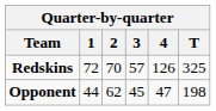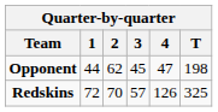 <table class="wikitable" style="text-align:center">
 <tr>
 <th colspan="6">Quarter-by-quarter</th>
 </tr>
 <tr>
 <th>Team</th>
 <th>1</th>
 <th>2</th>
 <th>3</th>
 <th>4</th>
 <th>T</th>
 </tr>
 <tr>
+<td><strong>Opponent</strong></td>
+<td>44</td>
+<td>62</td>
+<td>45</td>
+<td>47</td>
+<td>198</td>
+</tr>
+<tr>
 <td><strong>Redskins</strong></td>
 <td>72</td>
 <td>70</td>
 <td>57</td>
 <td>126</td>
 <td>325</td>
 </tr>
-<tr>
-<td><strong>Opponent</strong></td>
-<td>44</td>
-<td>62</td>
-<td>45</td>
-<td>47</td>
-<td>198</td>
-</tr>
 </table>
